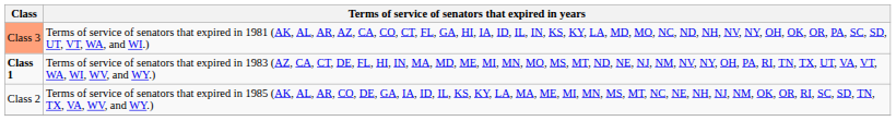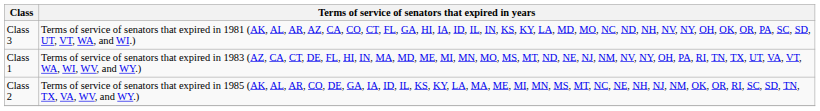 <table class="wikitable sortable">
 <tr valign=bottom>
 <th>Class</th>
 <th>Terms of service of senators that expired in years</th>
 </tr>
 <tr>
-<td style="background: lightsalmon;">Class 3</td>
+<td>Class 3</td>
 <td>Terms of service of senators that expired in 1981 (<a href='#'>AK</a>, <a href='#'>AL</a>, <a href='#'>AR</a>, <a href='#'>AZ</a>, <a href='#'>CA</a>, <a href='#'>CO</a>, <a href='#'>CT</a>, <a href='#'>FL</a>, <a href='#'>GA</a>, <a href='#'>HI</a>, <a href='#'>IA</a>, <a href='#'>ID</a>, <a href='#'>IL</a>, <a href='#'>IN</a>,  <a href='#'>KS</a>, <a href='#'>KY</a>, <a href='#'>LA</a>, <a href='#'>MD</a>, <a href='#'>MO</a>, <a href='#'>NC</a>, <a href='#'>ND</a>, <a href='#'>NH</a>, <a href='#'>NV</a>, <a href='#'>NY</a>, <a href='#'>OH</a>, <a href='#'>OK</a>, <a href='#'>OR</a>, <a href='#'>PA</a>, <a href='#'>SC</a>, <a href='#'>SD</a>, <a href='#'>UT</a>, <a href='#'>VT</a>, <a href='#'>WA</a>, and <a href='#'>WI</a>.)</td>
 </tr>
 <tr>
-<td><strong>Class 1</strong></td>
+<td>Class 1</td>
 <td>Terms of service of senators that expired in 1983 (<a href='#'>AZ</a>, <a href='#'>CA</a>, <a href='#'>CT</a>, <a href='#'>DE</a>, <a href='#'>FL</a>, <a href='#'>HI</a>, <a href='#'>IN</a>, <a href='#'>MA</a>, <a href='#'>MD</a>, <a href='#'>ME</a>, <a href='#'>MI</a>, <a href='#'>MN</a>, <a href='#'>MO</a>, <a href='#'>MS</a>, <a href='#'>MT</a>, <a href='#'>ND</a>, <a href='#'>NE</a>, <a href='#'>NJ</a>, <a href='#'>NM</a>, <a href='#'>NV</a>, <a href='#'>NY</a>, <a href='#'>OH</a>, <a href='#'>PA</a>, <a href='#'>RI</a>, <a href='#'>TN</a>, <a href='#'>TX</a>, <a href='#'>UT</a>, <a href='#'>VA</a>, <a href='#'>VT</a>, <a href='#'>WA</a>, <a href='#'>WI</a>, <a href='#'>WV</a>, and <a href='#'>WY</a>.)</td>
 </tr>
 <tr>
 <td>Class 2</td>
 <td>Terms of service of senators that expired in 1985 (<a href='#'>AK</a>, <a href='#'>AL</a>, <a href='#'>AR</a>, <a href='#'>CO</a>, <a href='#'>DE</a>, <a href='#'>GA</a>, <a href='#'>IA</a>, <a href='#'>ID</a>, <a href='#'>IL</a>, <a href='#'>KS</a>, <a href='#'>KY</a>, <a href='#'>LA</a>, <a href='#'>MA</a>, <a href='#'>ME</a>, <a href='#'>MI</a>, <a href='#'>MN</a>, <a href='#'>MS</a>, <a href='#'>MT</a>, <a href='#'>NC</a>, <a href='#'>NE</a>, <a href='#'>NH</a>, <a href='#'>NJ</a>, <a href='#'>NM</a>, <a href='#'>OK</a>, <a href='#'>OR</a>, <a href='#'>RI</a>, <a href='#'>SC</a>, <a href='#'>SD</a>, <a href='#'>TN</a>, <a href='#'>TX</a>, <a href='#'>VA</a>, <a href='#'>WV</a>, and <a href='#'>WY</a>.)</td>
 </tr>
 <tr>
 </tr>
 </table>
